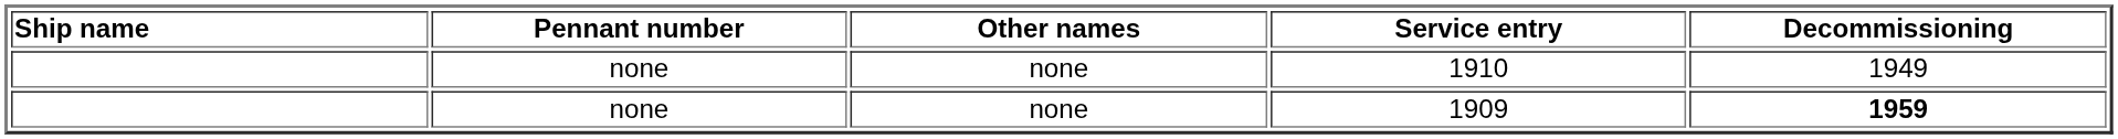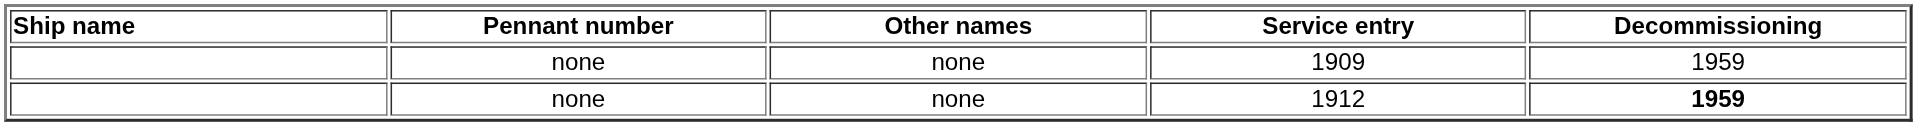 <table width="100%" border="2">
 <tr>
 <th width="16%" align="left">Ship name</th>
 <th width="16%" align="center">Pennant number</th>
 <th width="16%" align="center">Other names</th>
 <th width="16%" align="center">Service entry</th>
 <th width="16%" align="center">Decommissioning</th>
 </tr>
 <tr>
 <td align="center"></td>
 <td align="center">none</td>
 <td align="center">none</td>
-<td align="center">1910</td>
-<td align="center">1949</td>
+<td align="center">1909</td>
+<td align="center">1959</td>
 </tr>
 <tr>
 <td align="center"></td>
 <td align="center">none</td>
 <td align="center">none</td>
-<td align="center">1909</td>
+<td align="center">1912</td>
 <td align="center"><strong>1959</strong></td>
 </tr>
 </table>
